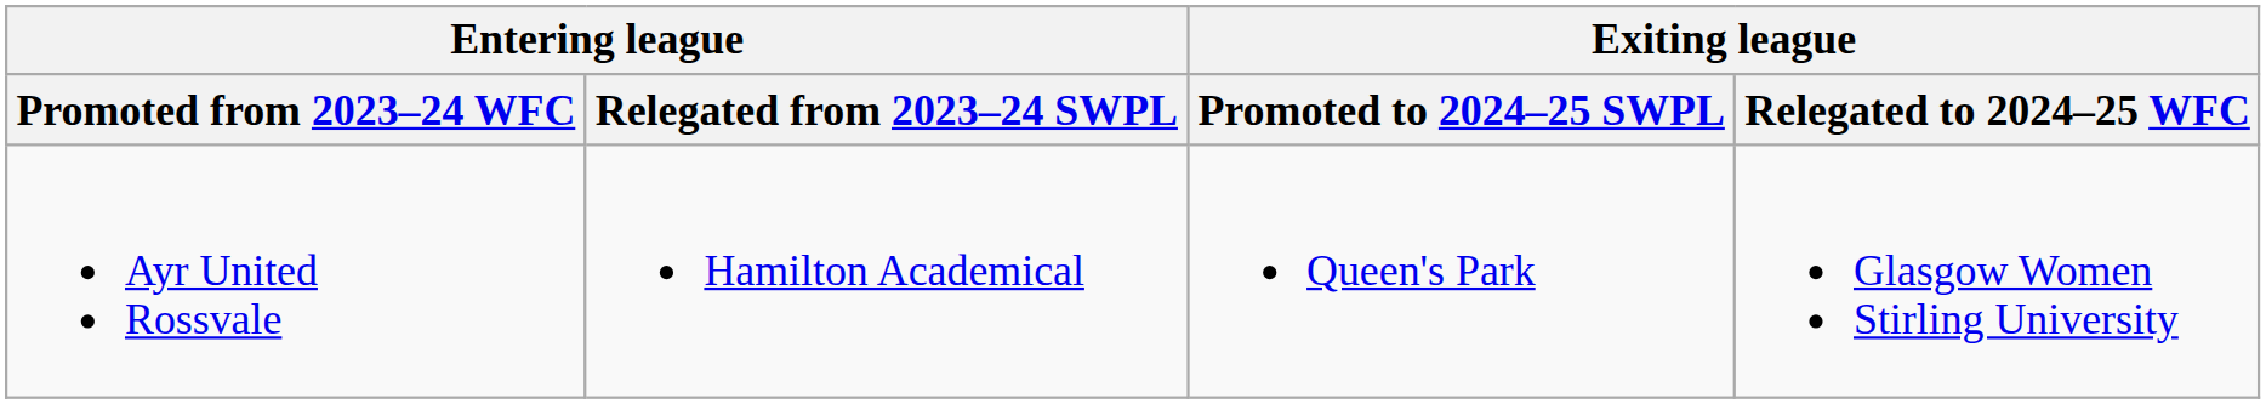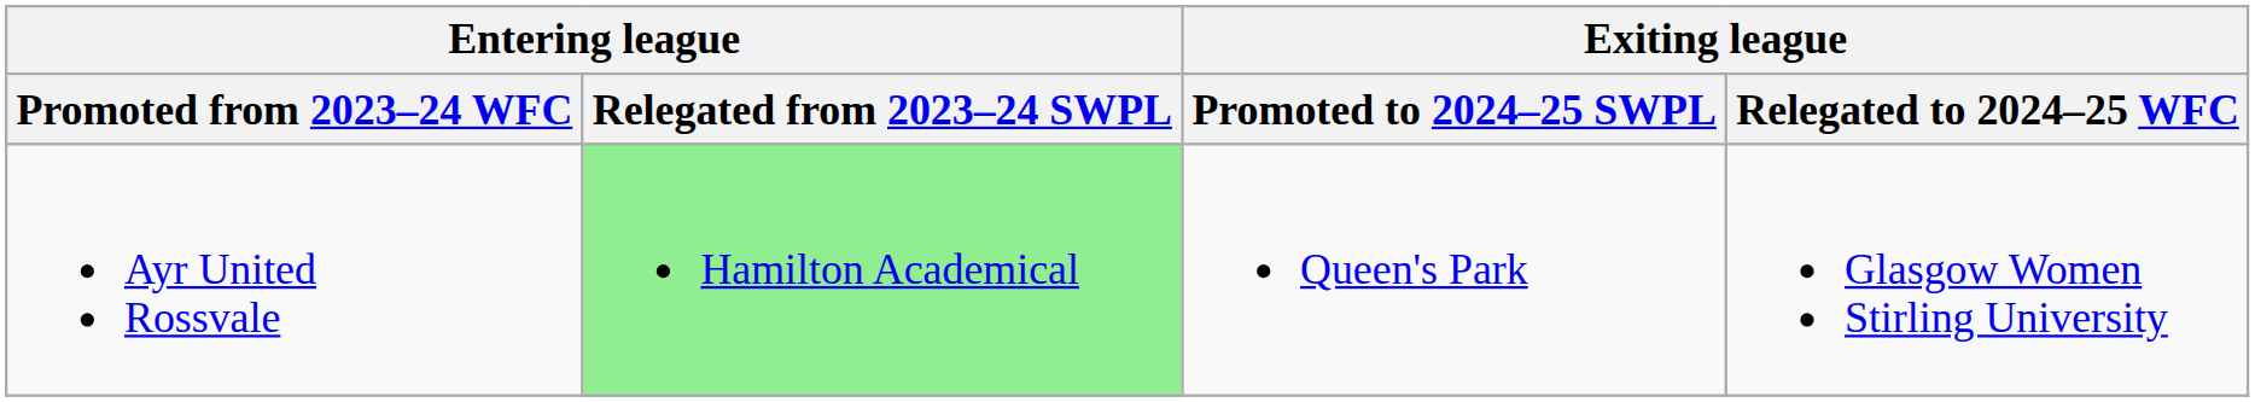 <table class="wikitable">
 <tr>
 <th colspan=2>Entering league</th>
 <th colspan=2>Exiting league</th>
 </tr>
 <tr>
 <th>Promoted from <a href='#'>2023–24 WFC</a></th>
 <th>Relegated from <a href='#'>2023–24 SWPL</a></th>
 <th>Promoted to <a href='#'>2024–25 SWPL</a></th>
 <th>Relegated to 2024–25 <a href='#'>WFC</a></th>
 </tr>
 <tr style="vertical-align:top;">
 <td><br><ul><li><a href='#'>Ayr United</a></li><li><a href='#'>Rossvale</a></li></ul></td>
-<td><br><ul><li><a href='#'>Hamilton Academical</a></li></ul></td>
+<td style="background: lightgreen;"><br><ul><li><a href='#'>Hamilton Academical</a></li></ul></td>
 <td><br><ul><li><a href='#'>Queen's Park</a></li></ul></td>
 <td><br><ul><li><a href='#'>Glasgow Women</a></li><li><a href='#'>Stirling University</a></li></ul></td>
 </tr>
 </table>
